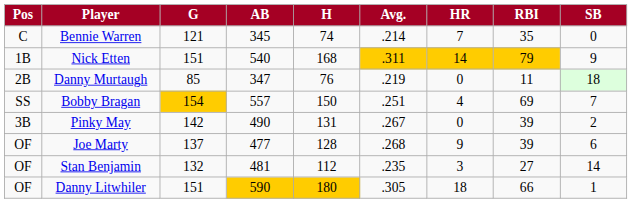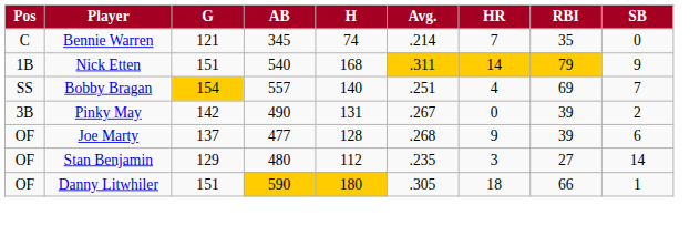 <table class="wikitable sortable">
 <tr>
 <th style="background:#A50024;color:white;" width="5%">Pos</th>
 <th style="background:#A50024;color:white;" width="16%">Player</th>
 <th style="background:#A50024;color:white;" width="9%">G</th>
 <th style="background:#A50024;color:white;" width="9%">AB</th>
 <th style="background:#A50024;color:white;" width="9%">H</th>
 <th style="background:#A50024;color:white;" width="9%">Avg.</th>
 <th style="background:#A50024;color:white;" width="9%">HR</th>
 <th style="background:#A50024;color:white;" width="9%">RBI</th>
 <th style="background:#A50024;color:white;" width="9%">SB</th>
 </tr>
 <tr align="center">
 <td>C</td>
 <td><a href='#'>Bennie Warren</a></td>
 <td>121</td>
 <td>345</td>
 <td>74</td>
 <td>.214</td>
 <td>7</td>
 <td>35</td>
 <td>0</td>
 </tr>
 <tr align="center">
 <td>1B</td>
 <td><a href='#'>Nick Etten</a></td>
 <td>151</td>
 <td>540</td>
 <td>168</td>
 <td style="background:#fc0;">.311</td>
 <td style="background:#fc0;">14</td>
 <td style="background:#fc0;">79</td>
 <td>9</td>
 </tr>
 <tr align="center">
-<td>2B</td>
-<td><a href='#'>Danny Murtaugh</a></td>
-<td>85</td>
-<td>347</td>
-<td>76</td>
-<td>.219</td>
-<td>0</td>
-<td>11</td>
-<td style="background:#DDFFDD;">18</td>
-</tr>
-<tr align="center">
 <td>SS</td>
 <td><a href='#'>Bobby Bragan</a></td>
 <td style="background:#fc0;">154</td>
 <td>557</td>
-<td>150</td>
+<td>140</td>
 <td>.251</td>
 <td>4</td>
 <td>69</td>
 <td>7</td>
 </tr>
 <tr align="center">
 <td>3B</td>
 <td><a href='#'>Pinky May</a></td>
 <td>142</td>
 <td>490</td>
 <td>131</td>
 <td>.267</td>
 <td>0</td>
 <td>39</td>
 <td>2</td>
 </tr>
 <tr align="center">
 <td>OF</td>
 <td><a href='#'>Joe Marty</a></td>
 <td>137</td>
 <td>477</td>
 <td>128</td>
 <td>.268</td>
 <td>9</td>
 <td>39</td>
 <td>6</td>
 </tr>
 <tr align="center">
 <td>OF</td>
 <td><a href='#'>Stan Benjamin</a></td>
-<td>132</td>
-<td>481</td>
+<td>129</td>
+<td>480</td>
 <td>112</td>
 <td>.235</td>
 <td>3</td>
 <td>27</td>
 <td>14</td>
 </tr>
 <tr align="center">
 <td>OF</td>
 <td><a href='#'>Danny Litwhiler</a></td>
 <td>151</td>
 <td style="background:#fc0;">590</td>
 <td style="background:#fc0;">180</td>
 <td>.305</td>
 <td>18</td>
 <td>66</td>
 <td>1</td>
 </tr>
 </table>
